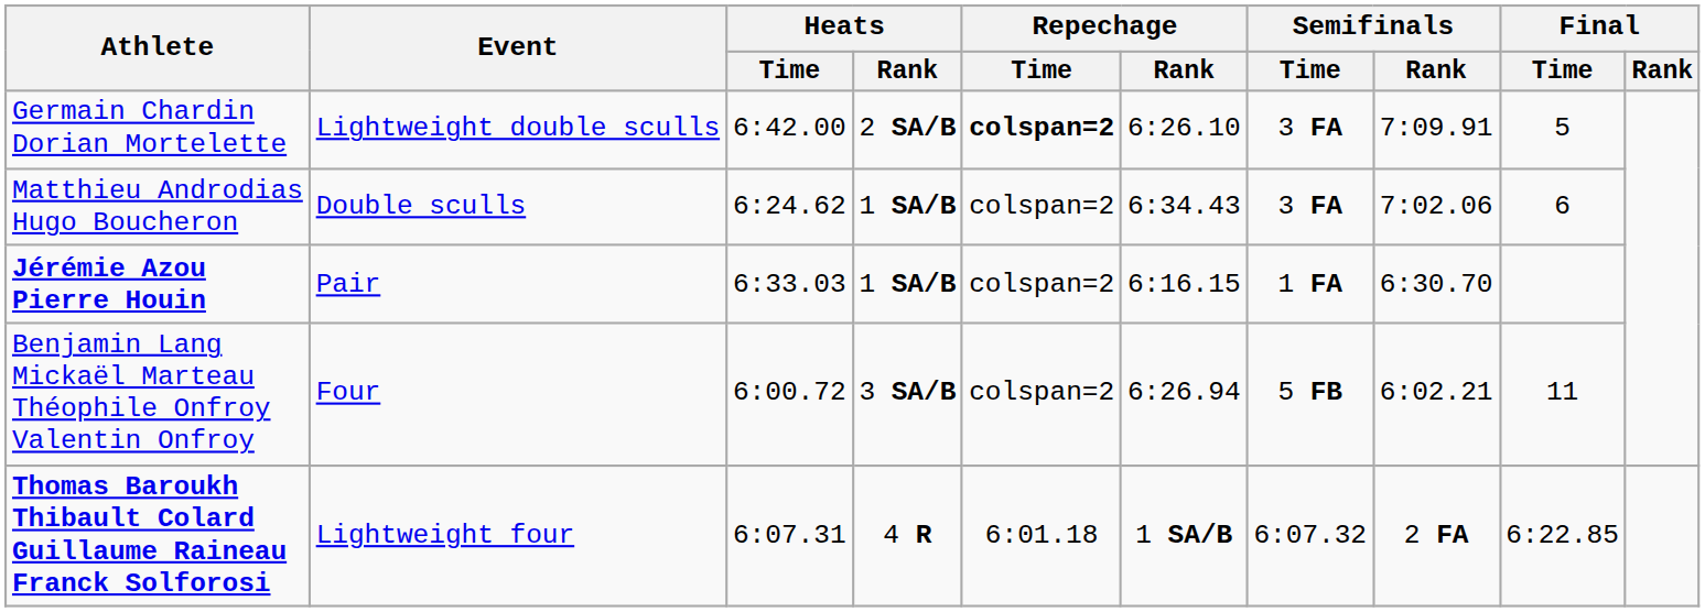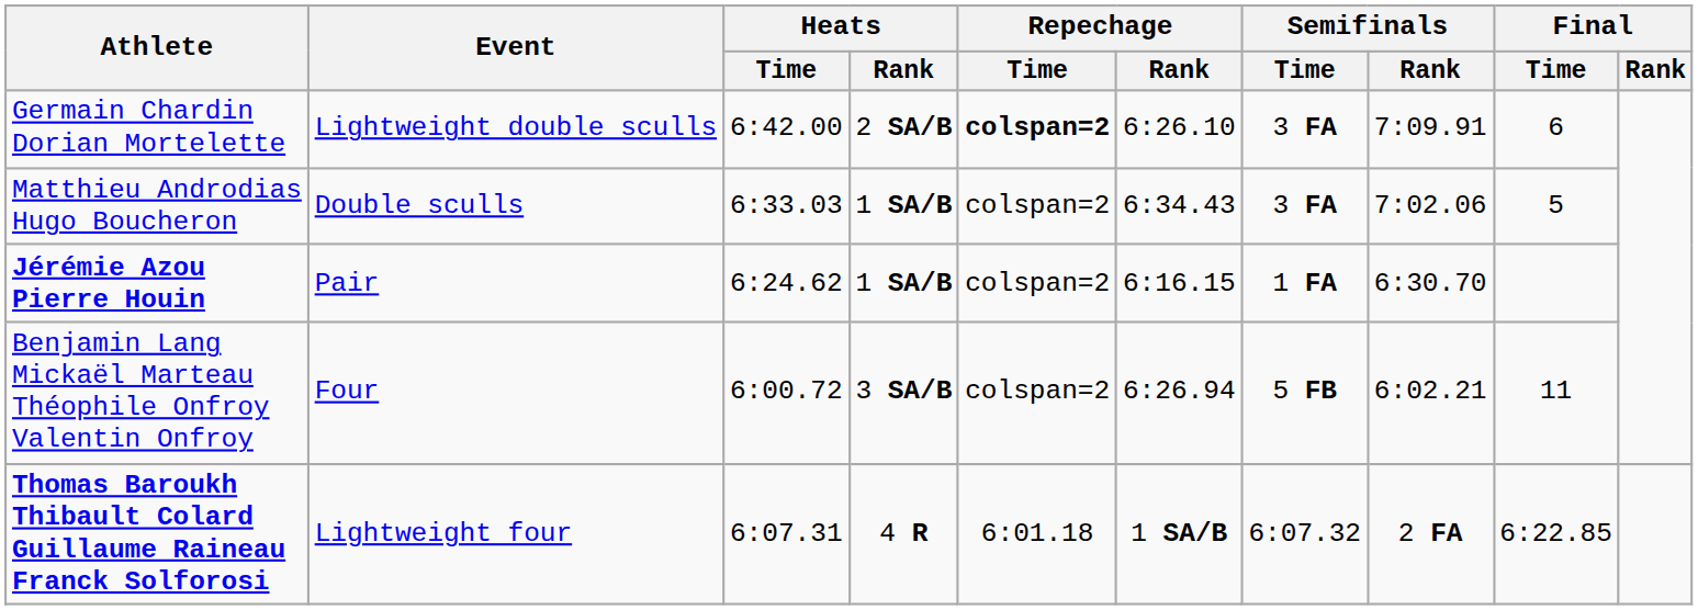 <table class="wikitable" style="font-size:90%">
 <tr>
 <th rowspan="2">Athlete</th>
 <th rowspan="2">Event</th>
 <th colspan="2">Heats</th>
 <th colspan="2">Repechage</th>
 <th colspan="2">Semifinals</th>
 <th colspan="2">Final</th>
 </tr>
 <tr style="font-size:95%">
 <th>Time</th>
 <th>Rank</th>
 <th>Time</th>
 <th>Rank</th>
 <th>Time</th>
 <th>Rank</th>
 <th>Time</th>
 <th>Rank</th>
 </tr>
 <tr align=center>
 <td align=left><a href='#'>Germain Chardin</a><br><a href='#'>Dorian Mortelette</a></td>
 <td align=left><a href='#'>Lightweight double sculls</a></td>
 <td>6:42.00</td>
 <td>2 <strong>SA/B</strong></td>
 <td><strong>colspan=2 </strong></td>
 <td>6:26.10</td>
 <td>3 <strong>FA</strong></td>
 <td>7:09.91</td>
-<td>5</td>
+<td>6</td>
 </tr>
 <tr align=center>
 <td align=left><a href='#'>Matthieu Androdias</a><br><a href='#'>Hugo Boucheron</a></td>
 <td align=left><a href='#'>Double sculls</a></td>
-<td>6:24.62</td>
+<td>6:33.03</td>
 <td>1 <strong>SA/B</strong></td>
 <td>colspan=2 </td>
 <td>6:34.43</td>
 <td>3 <strong>FA</strong></td>
 <td>7:02.06</td>
-<td>6</td>
+<td>5</td>
 </tr>
 <tr align=center>
 <td align=left><strong><a href='#'>Jérémie Azou</a><br><a href='#'>Pierre Houin</a></strong></td>
 <td align=left><a href='#'>Pair</a></td>
-<td>6:33.03</td>
+<td>6:24.62</td>
 <td>1 <strong>SA/B</strong></td>
 <td>colspan=2 </td>
 <td>6:16.15</td>
 <td>1 <strong>FA</strong></td>
 <td>6:30.70</td>
 <td></td>
 </tr>
 <tr align=center>
 <td align=left><a href='#'>Benjamin Lang</a><br><a href='#'>Mickaël Marteau</a><br><a href='#'>Théophile Onfroy</a><br><a href='#'>Valentin Onfroy</a></td>
 <td align=left><a href='#'>Four</a></td>
 <td>6:00.72</td>
 <td>3 <strong>SA/B</strong></td>
 <td>colspan=2 </td>
 <td>6:26.94</td>
 <td>5 <strong>FB</strong></td>
 <td>6:02.21</td>
 <td>11</td>
 </tr>
 <tr align=center>
 <td align=left><strong><a href='#'>Thomas Baroukh</a><br><a href='#'>Thibault Colard</a><br><a href='#'>Guillaume Raineau</a><br><a href='#'>Franck Solforosi</a></strong></td>
 <td align=left><a href='#'>Lightweight four</a></td>
 <td>6:07.31</td>
 <td>4 <strong>R</strong></td>
 <td>6:01.18</td>
 <td>1 <strong>SA/B</strong></td>
 <td>6:07.32</td>
 <td>2 <strong>FA</strong></td>
 <td>6:22.85</td>
 <td></td>
 </tr>
 </table>
